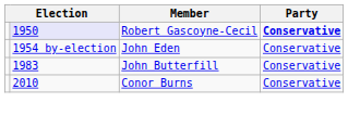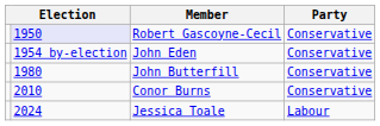 <table class="wikitable">
 <tr>
 <th colspan="2">Election</th>
 <th>Member</th>
 <th>Party</th>
 </tr>
 <tr>
 <td style="color:inherit;background-color: "></td>
 <td style="background: lavender;"><a href='#'>1950</a></td>
 <td><a href='#'>Robert Gascoyne-Cecil</a></td>
-<td><strong><a href='#'>Conservative</a></strong></td>
+<td><a href='#'>Conservative</a></td>
 </tr>
 <tr>
 <td style="color:inherit;background-color: "></td>
 <td><a href='#'>1954 by-election</a></td>
 <td><a href='#'>John Eden</a></td>
 <td><a href='#'>Conservative</a></td>
 </tr>
 <tr>
 <td style="color:inherit;background-color: "></td>
-<td><a href='#'>1983</a></td>
+<td><a href='#'>1980</a></td>
 <td><a href='#'>John Butterfill</a></td>
 <td><a href='#'>Conservative</a></td>
 </tr>
 <tr>
 <td style="color:inherit;background-color: "></td>
 <td><a href='#'>2010</a></td>
 <td><a href='#'>Conor Burns</a></td>
 <td><a href='#'>Conservative</a></td>
 </tr>
+<tr>
+<td style="color:inherit;background-color: "></td>
+<td><a href='#'>2024</a></td>
+<td><a href='#'>Jessica Toale</a></td>
+<td><a href='#'>Labour</a></td>
+</tr>
 </table>
